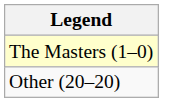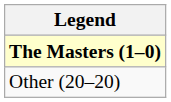 <table class="wikitable">
 <tr>
 <th>Legend</th>
 </tr>
 <tr bgcolor="ffffcc">
-<td>The Masters (1–0)</td>
+<td><strong>The Masters (1–0)</strong></td>
 </tr>
 <tr>
 <td>Other (20–20)</td>
 </tr>
 </table>
